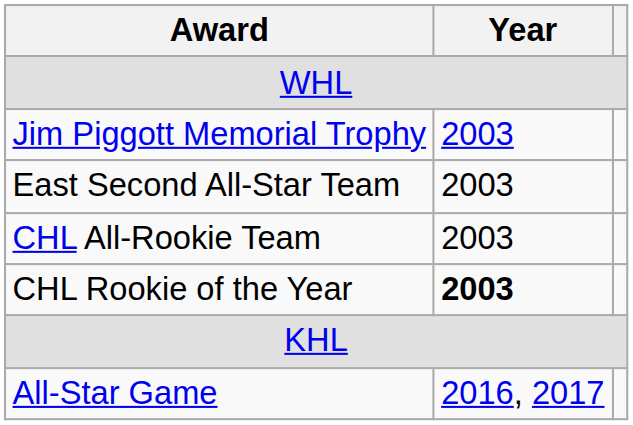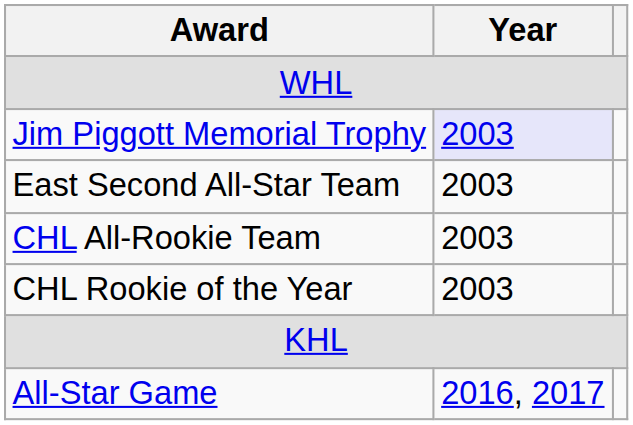 <table class="wikitable">
 <tr>
 <th>Award</th>
 <th>Year</th>
 <th></th>
 </tr>
 <tr ALIGN="center" bgcolor="#e0e0e0">
 <td colspan="3"><a href='#'>WHL</a></td>
 </tr>
 <tr>
 <td><a href='#'>Jim Piggott Memorial Trophy</a></td>
-<td><a href='#'>2003</a></td>
+<td style="background: lavender;"><a href='#'>2003</a></td>
 <td></td>
 </tr>
 <tr>
 <td>East Second All-Star Team</td>
 <td>2003</td>
 <td></td>
 </tr>
 <tr>
 <td><a href='#'>CHL</a> All-Rookie Team</td>
 <td>2003</td>
 <td></td>
 </tr>
 <tr>
 <td>CHL Rookie of the Year</td>
-<td><strong>2003</strong></td>
+<td>2003</td>
 <td></td>
 </tr>
 <tr ALIGN="center" bgcolor="#e0e0e0">
 <td colspan="3"><a href='#'>KHL</a></td>
 </tr>
 <tr>
 <td><a href='#'>All-Star Game</a></td>
 <td><a href='#'>2016</a>, <a href='#'>2017</a></td>
 <td></td>
 </tr>
 </table>
